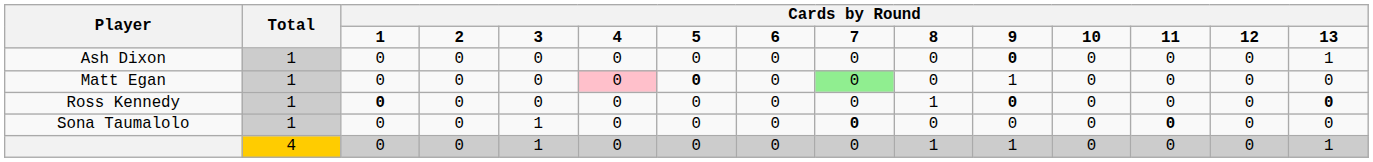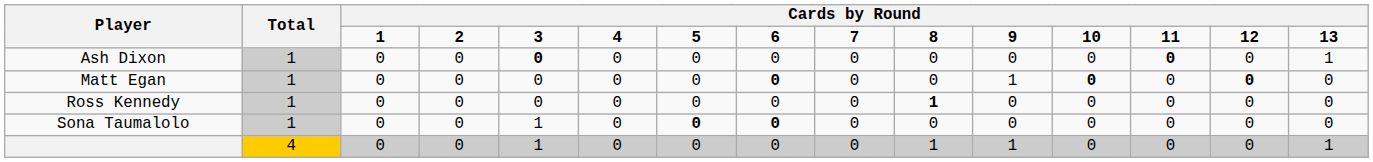 <table class="wikitable" style="text-align:center; line-height: 90%; font-size:90%;" width=80%>
 <tr>
 <th rowspan=2 width=12%>Player</th>
 <th rowspan=2 width=5%>Total</th>
 <th colspan=13>Cards by Round</th>
 </tr>
 <tr>
 <td width=4%><strong>1</strong></td>
 <td width=4%><strong>2</strong></td>
 <td width=4%><strong>3</strong></td>
 <td width=4%><strong>4</strong></td>
 <td width=4%><strong>5</strong></td>
 <td width=4%><strong>6</strong></td>
 <td width=4%><strong>7</strong></td>
 <td width=4%><strong>8</strong></td>
 <td width=4%><strong>9</strong></td>
 <td width=4%><strong>10</strong></td>
 <td width=4%><strong>11</strong></td>
 <td width=4%><strong>12</strong></td>
 <td width=4%><strong>13</strong></td>
 </tr>
 <tr>
 <td>Ash Dixon</td>
 <td bgcolor=#cccccc>1</td>
 <td>0</td>
 <td>0</td>
+<td><strong>0</strong></td>
+<td>0</td>
 <td>0</td>
 <td>0</td>
 <td>0</td>
 <td>0</td>
 <td>0</td>
 <td>0</td>
 <td><strong>0</strong></td>
-<td>0</td>
-<td>0</td>
 <td>0</td>
 <td>1</td>
 </tr>
 <tr>
 <td>Matt Egan</td>
 <td bgcolor=#cccccc>1</td>
 <td>0</td>
 <td>0</td>
 <td>0</td>
-<td style="background: pink;">0</td>
+<td>0</td>
+<td>0</td>
 <td><strong>0</strong></td>
 <td>0</td>
-<td style="background: lightgreen;">0</td>
 <td>0</td>
 <td>1</td>
+<td><strong>0</strong></td>
 <td>0</td>
-<td>0</td>
-<td>0</td>
+<td><strong>0</strong></td>
 <td>0</td>
 </tr>
 <tr>
 <td>Ross Kennedy</td>
 <td bgcolor=#cccccc>1</td>
-<td><strong>0</strong></td>
 <td>0</td>
 <td>0</td>
 <td>0</td>
 <td>0</td>
 <td>0</td>
 <td>0</td>
-<td>1</td>
-<td><strong>0</strong></td>
+<td>0</td>
+<td><strong>1</strong></td>
 <td>0</td>
 <td>0</td>
 <td>0</td>
-<td><strong>0</strong></td>
+<td>0</td>
+<td>0</td>
 </tr>
 <tr>
 <td>Sona Taumalolo</td>
 <td bgcolor=#cccccc>1</td>
 <td>0</td>
 <td>0</td>
 <td>1</td>
 <td>0</td>
-<td>0</td>
-<td>0</td>
+<td><strong>0</strong></td>
 <td><strong>0</strong></td>
 <td>0</td>
 <td>0</td>
 <td>0</td>
-<td><strong>0</strong></td>
+<td>0</td>
+<td>0</td>
 <td>0</td>
 <td>0</td>
 </tr>
 <tr>
 <th></th>
 <td bgcolor=#ffcc00>4</td>
 <td bgcolor=#cccccc>0</td>
 <td bgcolor=#cccccc>0</td>
 <td bgcolor=#cccccc>1</td>
 <td bgcolor=#cccccc>0</td>
 <td bgcolor=#cccccc>0</td>
 <td bgcolor=#cccccc>0</td>
 <td bgcolor=#cccccc>0</td>
 <td bgcolor=#cccccc>1</td>
 <td bgcolor=#cccccc>1</td>
 <td bgcolor=#cccccc>0</td>
 <td bgcolor=#cccccc>0</td>
 <td bgcolor=#cccccc>0</td>
 <td bgcolor=#cccccc>1</td>
 </tr>
 </table>
